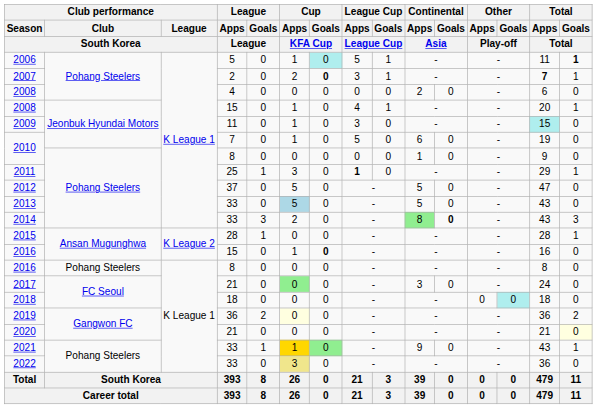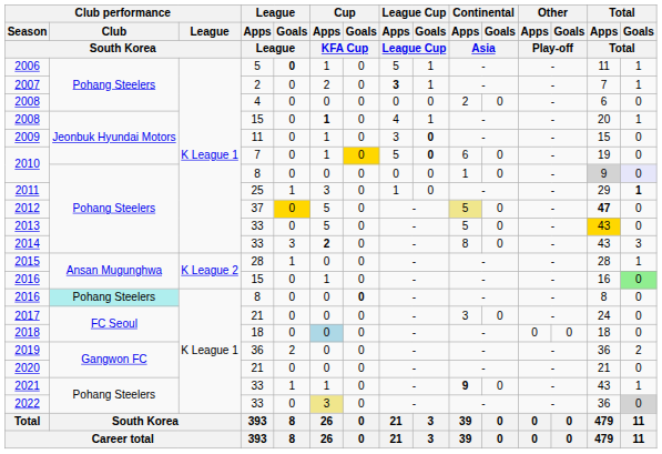 <table class="wikitable" style="text-align:center">
 <tr>
 <th colspan=3>Club performance</th>
 <th colspan=2>League</th>
 <th colspan=2>Cup</th>
 <th colspan=2>League Cup</th>
 <th colspan=2>Continental</th>
 <th colspan=2>Other</th>
 <th colspan=2>Total</th>
 </tr>
 <tr>
 <th>Season</th>
 <th>Club</th>
 <th>League</th>
 <th>Apps</th>
 <th>Goals</th>
 <th>Apps</th>
 <th>Goals</th>
 <th>Apps</th>
 <th>Goals</th>
 <th>Apps</th>
 <th>Goals</th>
 <th>Apps</th>
 <th>Goals</th>
 <th>Apps</th>
 <th>Goals</th>
 </tr>
 <tr>
 <th colspan=3>South Korea</th>
 <th colspan=2>League</th>
 <th colspan=2><a href='#'>KFA Cup</a></th>
 <th colspan=2><a href='#'>League Cup</a></th>
 <th colspan=2><a href='#'>Asia</a></th>
 <th colspan=2>Play-off</th>
 <th colspan=2>Total</th>
 </tr>
 <tr>
 <td><a href='#'>2006</a></td>
 <td rowspan="3"><a href='#'>Pohang Steelers</a></td>
 <td rowspan="11"><a href='#'>K League 1</a></td>
 <td>5</td>
+<td><strong>0</strong></td>
+<td>1</td>
 <td>0</td>
-<td>1</td>
-<td style="background: paleturquoise;">0</td>
 <td>5</td>
 <td>1</td>
 <td colspan="2">-</td>
 <td colspan="2">-</td>
 <td>11</td>
-<td><strong>1</strong></td>
+<td>1</td>
 </tr>
 <tr>
 <td><a href='#'>2007</a></td>
 <td>2</td>
 <td>0</td>
 <td>2</td>
-<td><strong>0</strong></td>
-<td>3</td>
+<td>0</td>
+<td><strong>3</strong></td>
 <td>1</td>
 <td colspan="2">-</td>
 <td colspan="2">-</td>
-<td><strong>7</strong></td>
+<td>7</td>
 <td>1</td>
 </tr>
 <tr>
 <td><a href='#'>2008</a></td>
 <td>4</td>
 <td>0</td>
 <td>0</td>
 <td>0</td>
 <td>0</td>
 <td>0</td>
 <td>2</td>
 <td>0</td>
 <td colspan="2">-</td>
 <td>6</td>
 <td>0</td>
 </tr>
 <tr>
 <td><a href='#'>2008</a></td>
 <td rowspan="3"><a href='#'>Jeonbuk Hyundai Motors</a></td>
 <td>15</td>
 <td>0</td>
-<td>1</td>
+<td><strong>1</strong></td>
 <td>0</td>
 <td>4</td>
 <td>1</td>
 <td colspan="2">-</td>
 <td colspan="2">-</td>
 <td>20</td>
 <td>1</td>
 </tr>
 <tr>
 <td><a href='#'>2009</a></td>
 <td>11</td>
 <td>0</td>
 <td>1</td>
 <td>0</td>
 <td>3</td>
-<td>0</td>
+<td><strong>0</strong></td>
 <td colspan="2">-</td>
 <td colspan="2">-</td>
-<td style="background: paleturquoise;">15</td>
+<td>15</td>
 <td>0</td>
 </tr>
 <tr>
 <td rowspan=2><a href='#'>2010</a></td>
 <td>7</td>
 <td>0</td>
 <td>1</td>
-<td>0</td>
+<td style="background: gold;">0</td>
 <td>5</td>
-<td>0</td>
+<td><strong>0</strong></td>
 <td>6</td>
 <td>0</td>
 <td colspan="2">-</td>
 <td>19</td>
 <td>0</td>
 </tr>
 <tr>
 <td rowspan=5><a href='#'>Pohang Steelers</a></td>
 <td>8</td>
 <td>0</td>
 <td>0</td>
 <td>0</td>
 <td>0</td>
 <td>0</td>
 <td>1</td>
 <td>0</td>
 <td colspan="2">-</td>
-<td>9</td>
-<td>0</td>
+<td style="background: lightgrey;">9</td>
+<td style="background: lavender;">0</td>
 </tr>
 <tr>
 <td><a href='#'>2011</a></td>
 <td>25</td>
 <td>1</td>
 <td>3</td>
 <td>0</td>
-<td><strong>1</strong></td>
+<td>1</td>
 <td>0</td>
 <td colspan="2">-</td>
 <td colspan="2">-</td>
 <td>29</td>
-<td>1</td>
+<td><strong>1</strong></td>
 </tr>
 <tr>
 <td><a href='#'>2012</a></td>
 <td>37</td>
+<td style="background: gold;">0</td>
+<td>5</td>
+<td>0</td>
+<td colspan="2">-</td>
+<td style="background: khaki;">5</td>
+<td>0</td>
+<td colspan="2">-</td>
+<td><strong>47</strong></td>
+<td>0</td>
+</tr>
+<tr>
+<td><a href='#'>2013</a></td>
+<td>33</td>
 <td>0</td>
 <td>5</td>
 <td>0</td>
 <td colspan="2">-</td>
 <td>5</td>
 <td>0</td>
 <td colspan="2">-</td>
-<td>47</td>
-<td>0</td>
-</tr>
-<tr>
-<td><a href='#'>2013</a></td>
-<td>33</td>
-<td>0</td>
-<td style="background: lightblue;">5</td>
-<td>0</td>
-<td colspan="2">-</td>
-<td>5</td>
-<td>0</td>
-<td colspan="2">-</td>
-<td>43</td>
+<td style="background: gold;">43</td>
 <td>0</td>
 </tr>
 <tr>
 <td><a href='#'>2014</a></td>
 <td>33</td>
 <td>3</td>
-<td>2</td>
+<td><strong>2</strong></td>
 <td>0</td>
 <td colspan="2">-</td>
-<td style="background: lightgreen;">8</td>
-<td><strong>0</strong></td>
+<td>8</td>
+<td>0</td>
 <td colspan="2">-</td>
 <td>43</td>
 <td>3</td>
 </tr>
 <tr>
 <td><a href='#'>2015</a></td>
 <td rowspan=2><a href='#'>Ansan Mugunghwa</a></td>
 <td rowspan=2><a href='#'>K League 2</a></td>
 <td>28</td>
 <td>1</td>
 <td>0</td>
 <td>0</td>
 <td colspan="2">-</td>
 <td colspan="2">-</td>
 <td colspan="2">-</td>
 <td>28</td>
 <td>1</td>
 </tr>
 <tr>
 <td><a href='#'>2016</a></td>
 <td>15</td>
 <td>0</td>
 <td>1</td>
-<td><strong>0</strong></td>
+<td>0</td>
 <td colspan="2">-</td>
 <td colspan="2">-</td>
 <td colspan="2">-</td>
 <td>16</td>
-<td>0</td>
+<td style="background: lightgreen;">0</td>
 </tr>
 <tr>
 <td><a href='#'>2016</a></td>
-<td>Pohang Steelers</td>
+<td style="background: paleturquoise;">Pohang Steelers</td>
 <td rowspan=7>K League 1</td>
 <td>8</td>
 <td>0</td>
 <td>0</td>
-<td>0</td>
+<td><strong>0</strong></td>
 <td colspan="2">-</td>
 <td colspan="2">-</td>
 <td colspan="2">-</td>
 <td>8</td>
 <td>0</td>
 </tr>
 <tr>
 <td><a href='#'>2017</a></td>
 <td rowspan=2><a href='#'>FC Seoul</a></td>
 <td>21</td>
 <td>0</td>
-<td style="background: lightgreen;">0</td>
+<td>0</td>
 <td>0</td>
 <td colspan="2">-</td>
 <td>3</td>
 <td>0</td>
 <td colspan="2">-</td>
 <td>24</td>
 <td>0</td>
 </tr>
 <tr>
 <td><a href='#'>2018</a></td>
 <td>18</td>
 <td>0</td>
-<td>0</td>
+<td style="background: lightblue;">0</td>
 <td>0</td>
 <td colspan="2">-</td>
 <td colspan="2">-</td>
 <td>0</td>
-<td style="background: paleturquoise;">0</td>
+<td>0</td>
 <td>18</td>
 <td>0</td>
 </tr>
 <tr>
 <td><a href='#'>2019</a></td>
 <td rowspan=2><a href='#'>Gangwon FC</a></td>
 <td>36</td>
 <td>2</td>
-<td style="background: lightyellow;">0</td>
+<td>0</td>
 <td>0</td>
 <td colspan="2">-</td>
 <td colspan="2">-</td>
 <td colspan="2">-</td>
 <td>36</td>
 <td>2</td>
 </tr>
 <tr>
 <td><a href='#'>2020</a></td>
 <td>21</td>
 <td>0</td>
 <td>0</td>
 <td>0</td>
 <td colspan="2">-</td>
 <td colspan="2">-</td>
 <td colspan="2">-</td>
 <td>21</td>
-<td style="background: lightyellow;">0</td>
+<td>0</td>
 </tr>
 <tr>
 <td><a href='#'>2021</a></td>
 <td rowspan=2>Pohang Steelers</td>
 <td>33</td>
 <td>1</td>
-<td style="background: gold;">1</td>
-<td style="background: lightgreen;">0</td>
+<td>1</td>
+<td>0</td>
 <td colspan="2">-</td>
-<td>9</td>
+<td><strong>9</strong></td>
 <td>0</td>
 <td colspan="2">-</td>
 <td>43</td>
 <td>1</td>
 </tr>
 <tr>
 <td><a href='#'>2022</a></td>
 <td>33</td>
 <td>0</td>
 <td style="background: khaki;">3</td>
 <td>0</td>
 <td colspan="2">-</td>
 <td colspan="2">-</td>
 <td colspan="2">-</td>
 <td>36</td>
-<td>0</td>
+<td style="background: lightgrey;">0</td>
 </tr>
 <tr>
 <th rowspan=1>Total</th>
 <th colspan=2>South Korea</th>
 <th>393</th>
 <th>8</th>
 <th>26</th>
 <th>0</th>
 <th>21</th>
 <th>3</th>
 <th>39</th>
 <th>0</th>
 <th>0</th>
 <th>0</th>
 <th>479</th>
 <th>11</th>
 </tr>
 <tr>
 <th colspan=3>Career total</th>
 <th>393</th>
 <th>8</th>
 <th>26</th>
 <th>0</th>
 <th>21</th>
 <th>3</th>
 <th>39</th>
 <th>0</th>
 <th>0</th>
 <th>0</th>
 <th>479</th>
 <th>11</th>
 </tr>
 </table>
